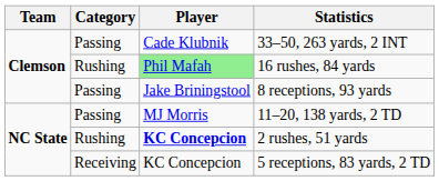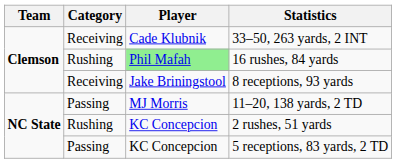 <table class="wikitable" style="float: left;">
 <tr>
 <th>Team</th>
 <th>Category</th>
 <th>Player</th>
 <th>Statistics</th>
 </tr>
 <tr>
 <td rowspan=3><strong>Clemson</strong></td>
-<td>Passing</td>
+<td>Receiving</td>
 <td><a href='#'>Cade Klubnik</a></td>
 <td>33–50, 263 yards, 2 INT</td>
 </tr>
 <tr>
 <td>Rushing</td>
 <td style="background: lightgreen;"><a href='#'>Phil Mafah</a></td>
 <td>16 rushes, 84 yards</td>
 </tr>
 <tr>
-<td>Passing</td>
+<td>Receiving</td>
 <td><a href='#'>Jake Briningstool</a></td>
 <td>8 receptions, 93 yards</td>
 </tr>
 <tr>
 <td rowspan=3><strong>NC State</strong></td>
 <td>Passing</td>
 <td><a href='#'>MJ Morris</a></td>
 <td>11–20, 138 yards, 2 TD</td>
 </tr>
 <tr>
 <td>Rushing</td>
-<td><strong><a href='#'>KC Concepcion</a></strong></td>
+<td><a href='#'>KC Concepcion</a></td>
 <td>2 rushes, 51 yards</td>
 </tr>
 <tr>
-<td>Receiving</td>
+<td>Passing</td>
 <td>KC Concepcion</td>
 <td>5 receptions, 83 yards, 2 TD</td>
 </tr>
 </table>
